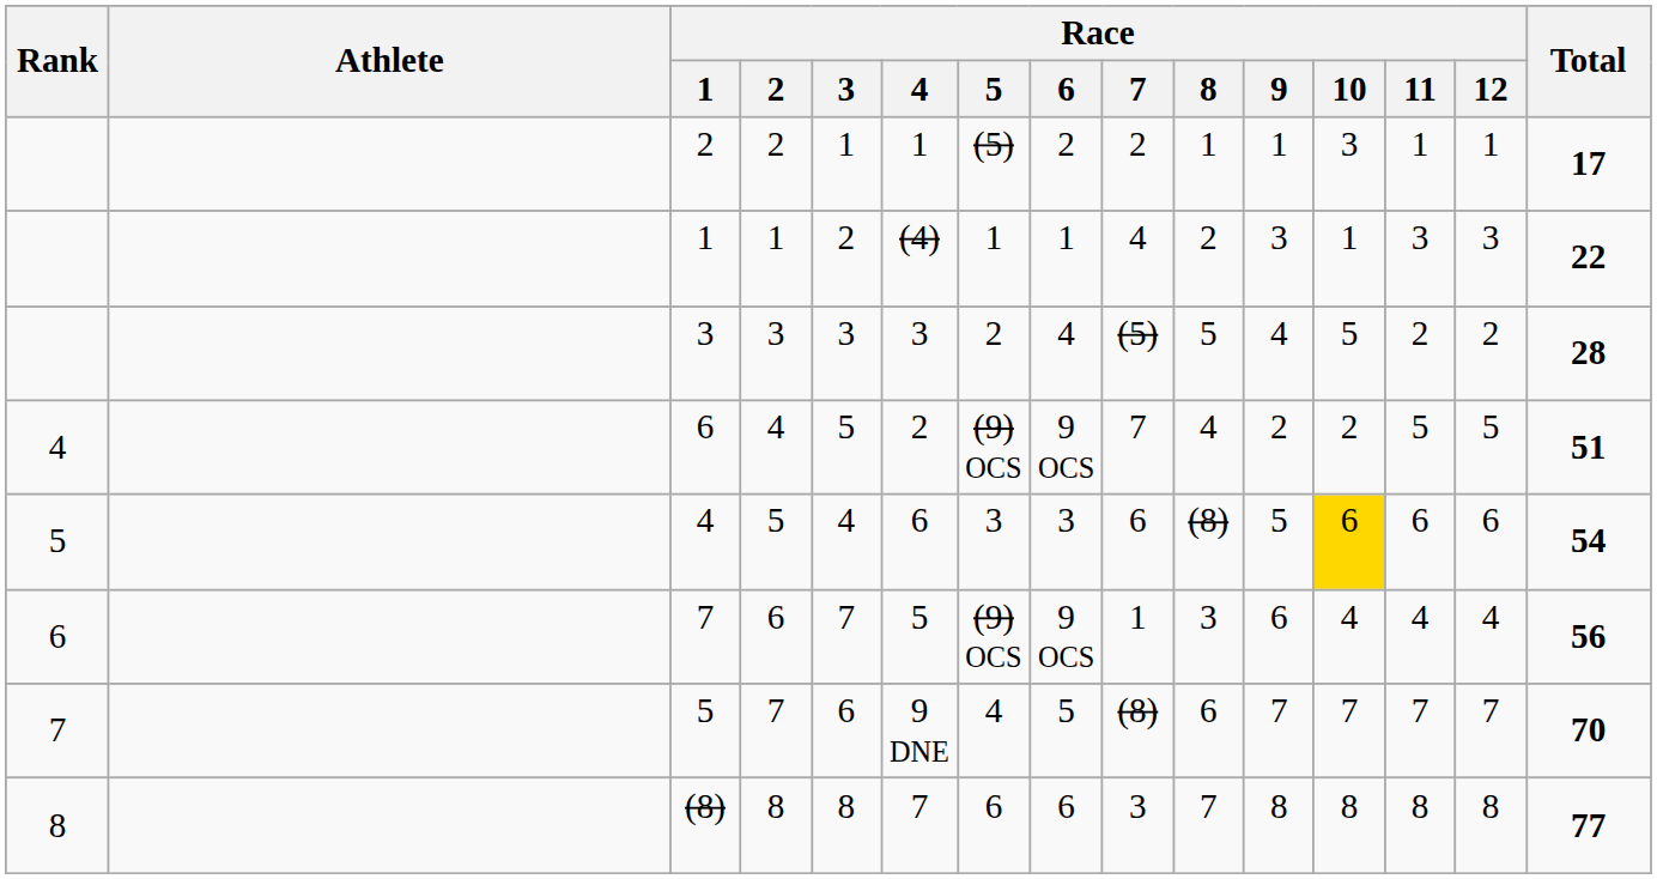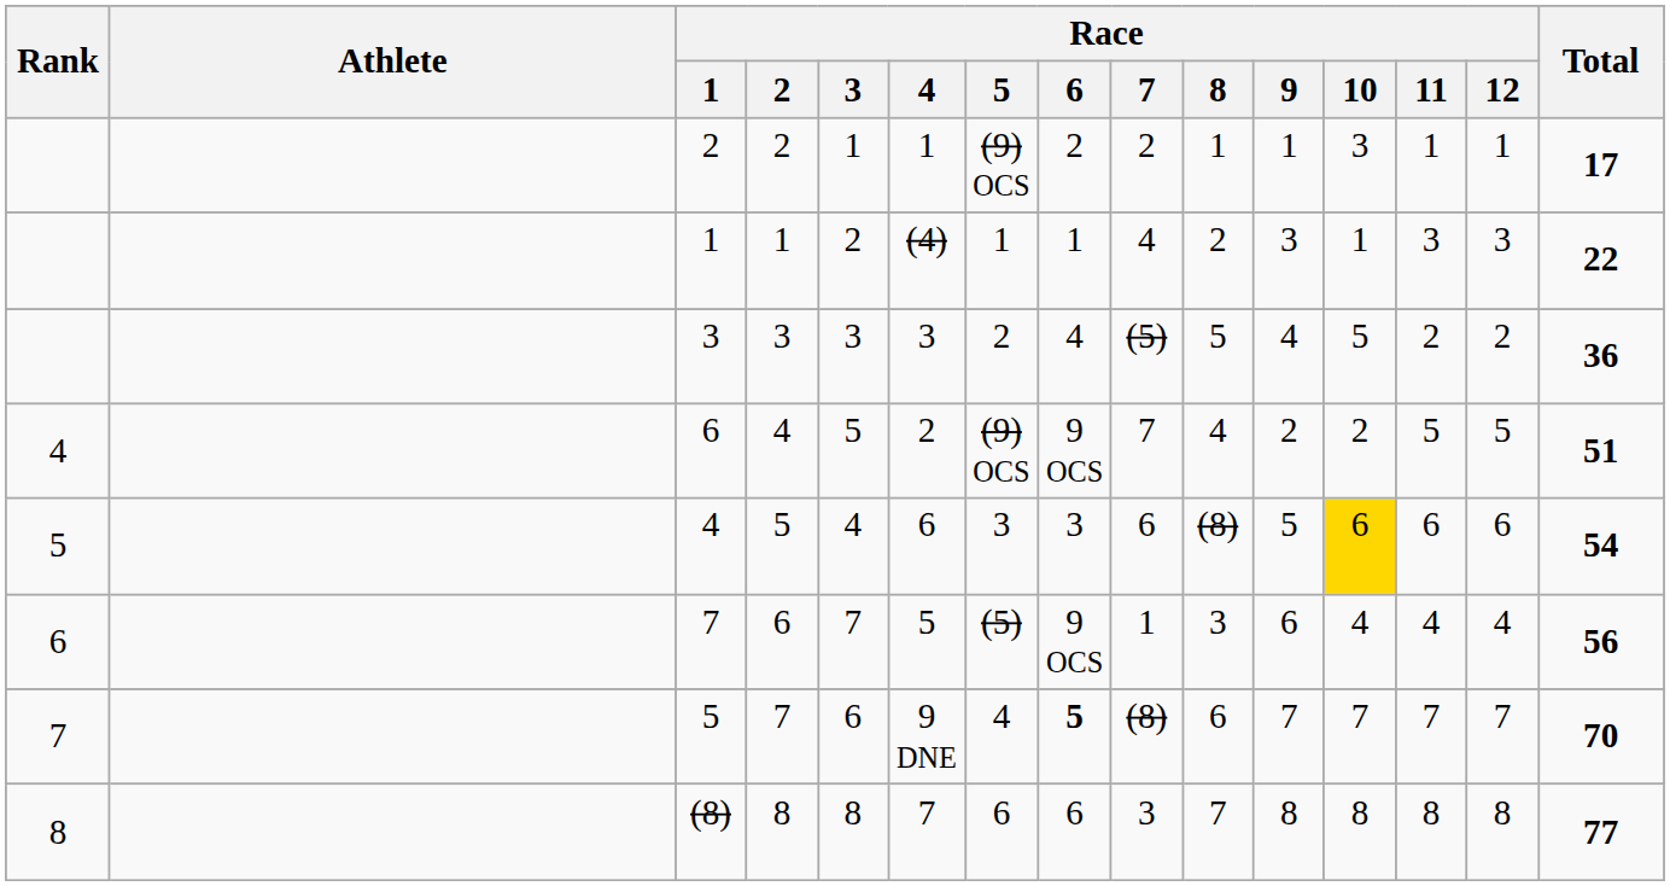 <table | class="wikitable" style="text-align:center">
 <tr>
 <th rowspan="2" width=40>Rank</th>
 <th rowspan="2" width=250>Athlete</th>
 <th colspan="12">Race</th>
 <th rowspan="2" width=50>Total</th>
 </tr>
 <tr>
 <th width=25>1</th>
 <th width=25>2</th>
 <th width=25>3</th>
 <th width=25>4</th>
 <th width=25>5</th>
 <th width=25>6</th>
 <th width=25>7</th>
 <th width=25>8</th>
 <th width=25>9</th>
 <th width=25>10</th>
 <th width=25>11</th>
 <th width=25>12</th>
 </tr>
 <tr>
 <td></td>
 <td align=left></td>
 <td>2<br> </td>
 <td>2<br> </td>
 <td>1<br> </td>
 <td>1<br> </td>
-<td><s>(5)</s><br> </td>
+<td><s>(9)</s><br><small>OCS</small></td>
 <td>2<br> </td>
 <td>2<br> </td>
 <td>1<br> </td>
 <td>1<br> </td>
 <td>3<br> </td>
 <td>1<br> </td>
 <td>1<br> </td>
 <td><strong>17</strong></td>
 </tr>
 <tr>
 <td></td>
 <td align=left></td>
 <td>1<br> </td>
 <td>1<br> </td>
 <td>2<br> </td>
 <td><s>(4)</s><br> </td>
 <td>1<br> </td>
 <td>1<br> </td>
 <td>4<br> </td>
 <td>2<br> </td>
 <td>3<br> </td>
 <td>1<br> </td>
 <td>3<br> </td>
 <td>3<br> </td>
 <td><strong>22</strong></td>
 </tr>
 <tr>
 <td></td>
 <td align=left></td>
 <td>3<br> </td>
 <td>3<br> </td>
 <td>3<br> </td>
 <td>3<br> </td>
 <td>2<br> </td>
 <td>4<br> </td>
 <td><s>(5)</s><br> </td>
 <td>5<br> </td>
 <td>4<br> </td>
 <td>5<br> </td>
 <td>2<br> </td>
 <td>2<br> </td>
-<td><strong>28</strong></td>
+<td><strong>36</strong></td>
 </tr>
 <tr>
 <td>4</td>
 <td align=left></td>
 <td>6<br> </td>
 <td>4<br> </td>
 <td>5<br> </td>
 <td>2<br> </td>
 <td><s>(9)</s><br><small>OCS</small></td>
 <td>9<br><small>OCS</small></td>
 <td>7<br> </td>
 <td>4<br> </td>
 <td>2<br> </td>
 <td>2<br> </td>
 <td>5<br> </td>
 <td>5<br> </td>
 <td><strong>51</strong></td>
 </tr>
 <tr>
 <td>5</td>
 <td align=left></td>
 <td>4<br> </td>
 <td>5<br> </td>
 <td>4<br> </td>
 <td>6<br> </td>
 <td>3<br> </td>
 <td>3<br> </td>
 <td>6<br> </td>
 <td><s>(8)</s><br> </td>
 <td>5<br> </td>
 <td style="background: gold;">6<br> </td>
 <td>6<br> </td>
 <td>6<br> </td>
 <td><strong>54</strong></td>
 </tr>
 <tr>
 <td>6</td>
 <td align=left></td>
 <td>7<br> </td>
 <td>6<br> </td>
 <td>7<br> </td>
 <td>5<br> </td>
-<td><s>(9)</s><br><small>OCS</small></td>
+<td><s>(5)</s><br> </td>
 <td>9<br><small>OCS</small></td>
 <td>1<br> </td>
 <td>3<br> </td>
 <td>6<br> </td>
 <td>4<br> </td>
 <td>4<br> </td>
 <td>4<br> </td>
 <td><strong>56</strong></td>
 </tr>
 <tr>
 <td>7</td>
 <td align=left></td>
 <td>5<br> </td>
 <td>7<br> </td>
 <td>6<br> </td>
 <td>9<br><small>DNE</small></td>
 <td>4<br> </td>
-<td>5<br> </td>
+<td><strong>5<br> </strong></td>
 <td><s>(8)</s><br> </td>
 <td>6<br> </td>
 <td>7<br> </td>
 <td>7<br> </td>
 <td>7<br> </td>
 <td>7<br> </td>
 <td><strong>70</strong></td>
 </tr>
 <tr>
 <td>8</td>
 <td align=left></td>
 <td><s>(8)</s><br> </td>
 <td>8<br> </td>
 <td>8<br> </td>
 <td>7<br> </td>
 <td>6<br> </td>
 <td>6<br> </td>
 <td>3<br> </td>
 <td>7<br> </td>
 <td>8<br> </td>
 <td>8<br> </td>
 <td>8<br> </td>
 <td>8<br> </td>
 <td><strong>77</strong></td>
 </tr>
 </table>
